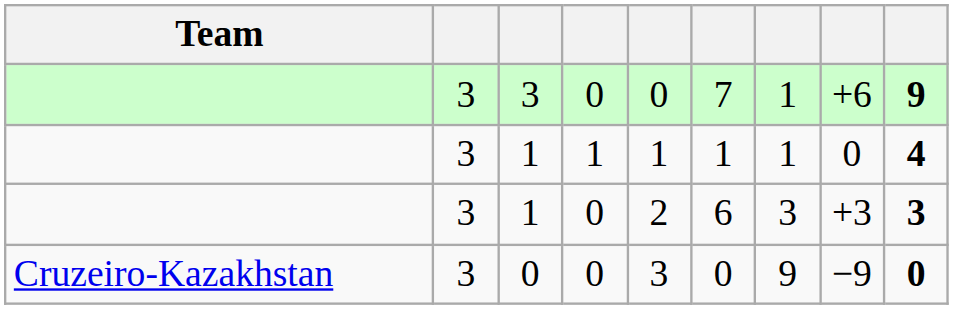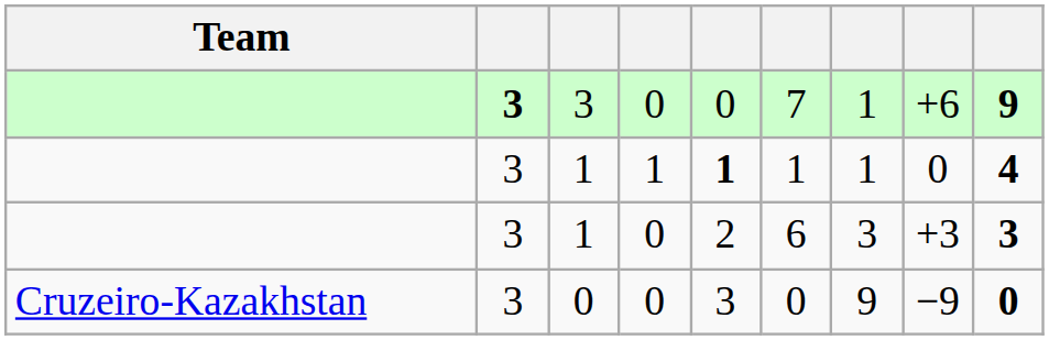 <table class="wikitable" style="text-align:center;">
 <tr>
 <th width=175>Team</th>
 <th width=20></th>
 <th width=20></th>
 <th width=20></th>
 <th width=20></th>
 <th width=20></th>
 <th width=20></th>
 <th width=20></th>
 <th width=20></th>
 </tr>
 <tr bgcolor=ccffcc>
 <td align="left"></td>
-<td>3</td>
+<td><strong>3</strong></td>
 <td>3</td>
 <td>0</td>
 <td>0</td>
 <td>7</td>
 <td>1</td>
 <td>+6</td>
 <td><strong>9</strong></td>
 </tr>
 <tr>
 <td align="left"></td>
 <td>3</td>
 <td>1</td>
 <td>1</td>
-<td>1</td>
+<td><strong>1</strong></td>
 <td>1</td>
 <td>1</td>
 <td>0</td>
 <td><strong>4</strong></td>
 </tr>
 <tr>
 <td align="left"></td>
 <td>3</td>
 <td>1</td>
 <td>0</td>
 <td>2</td>
 <td>6</td>
 <td>3</td>
 <td>+3</td>
 <td><strong>3</strong></td>
 </tr>
 <tr>
 <td align="left"> <a href='#'>Cruzeiro-Kazakhstan</a></td>
 <td>3</td>
 <td>0</td>
 <td>0</td>
 <td>3</td>
 <td>0</td>
 <td>9</td>
 <td>−9</td>
 <td><strong>0</strong></td>
 </tr>
 </table>
